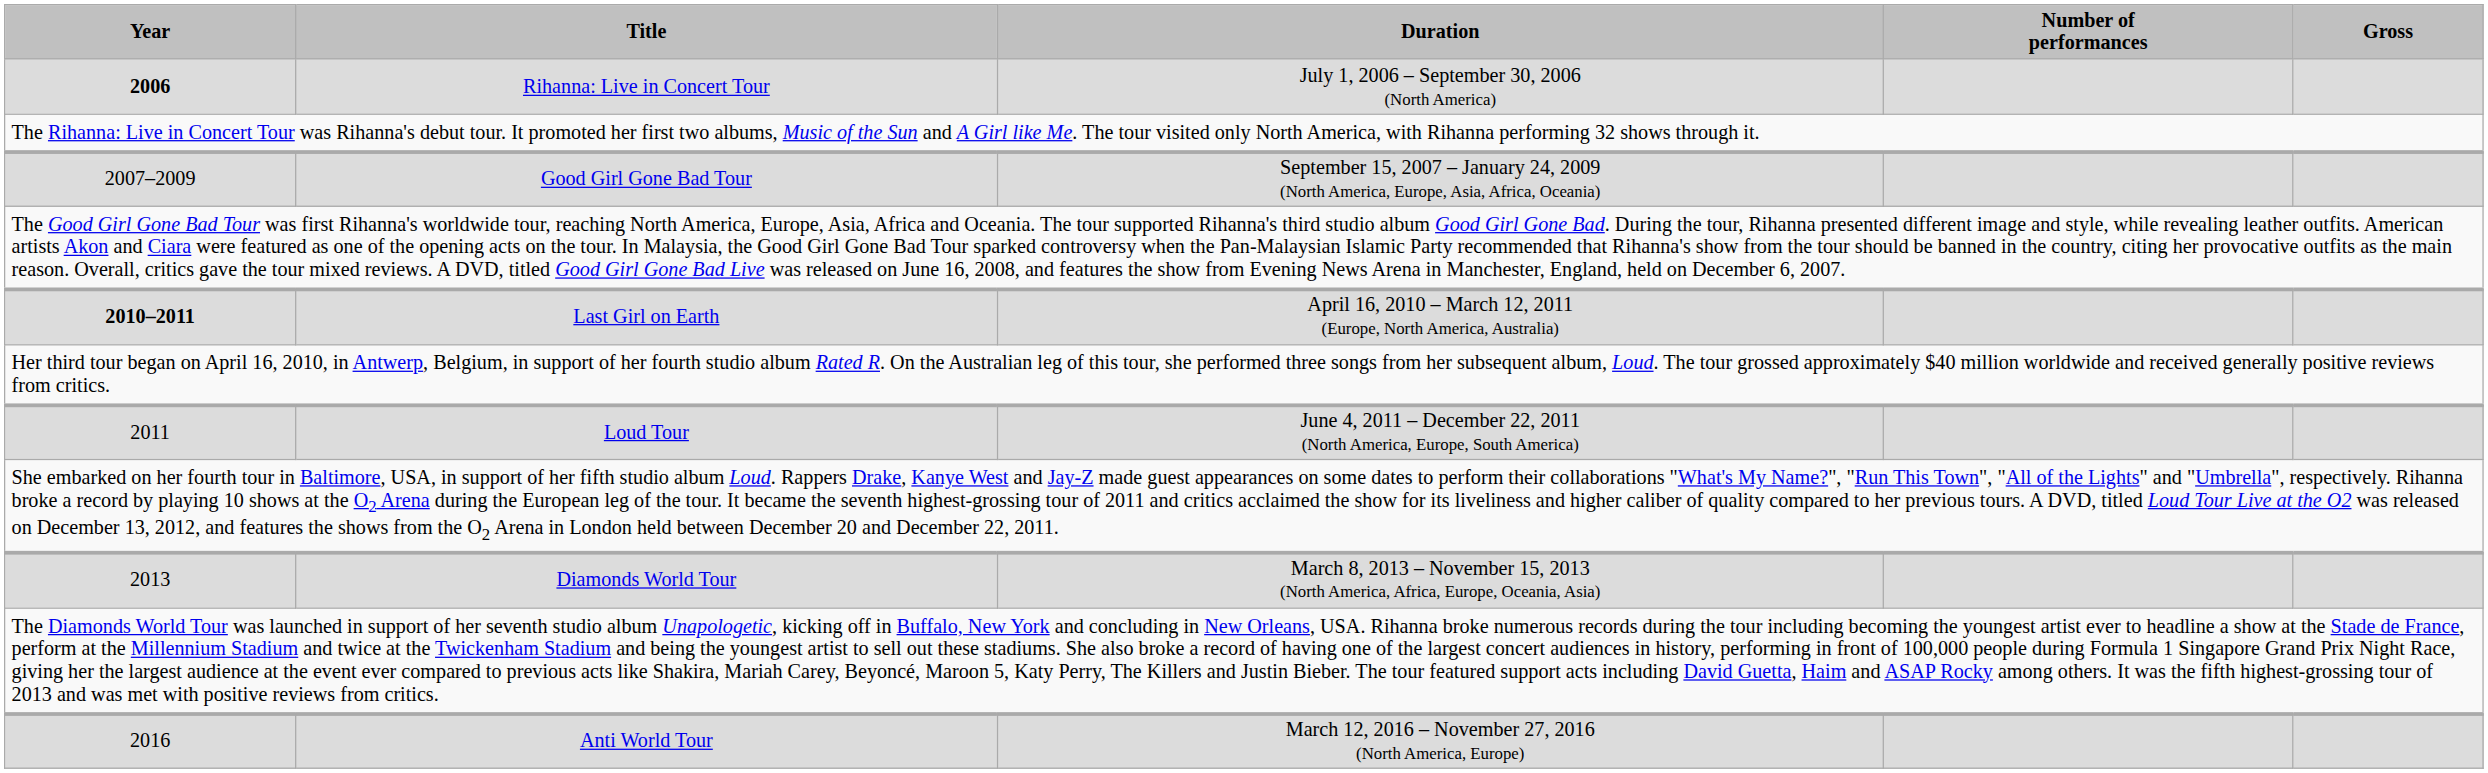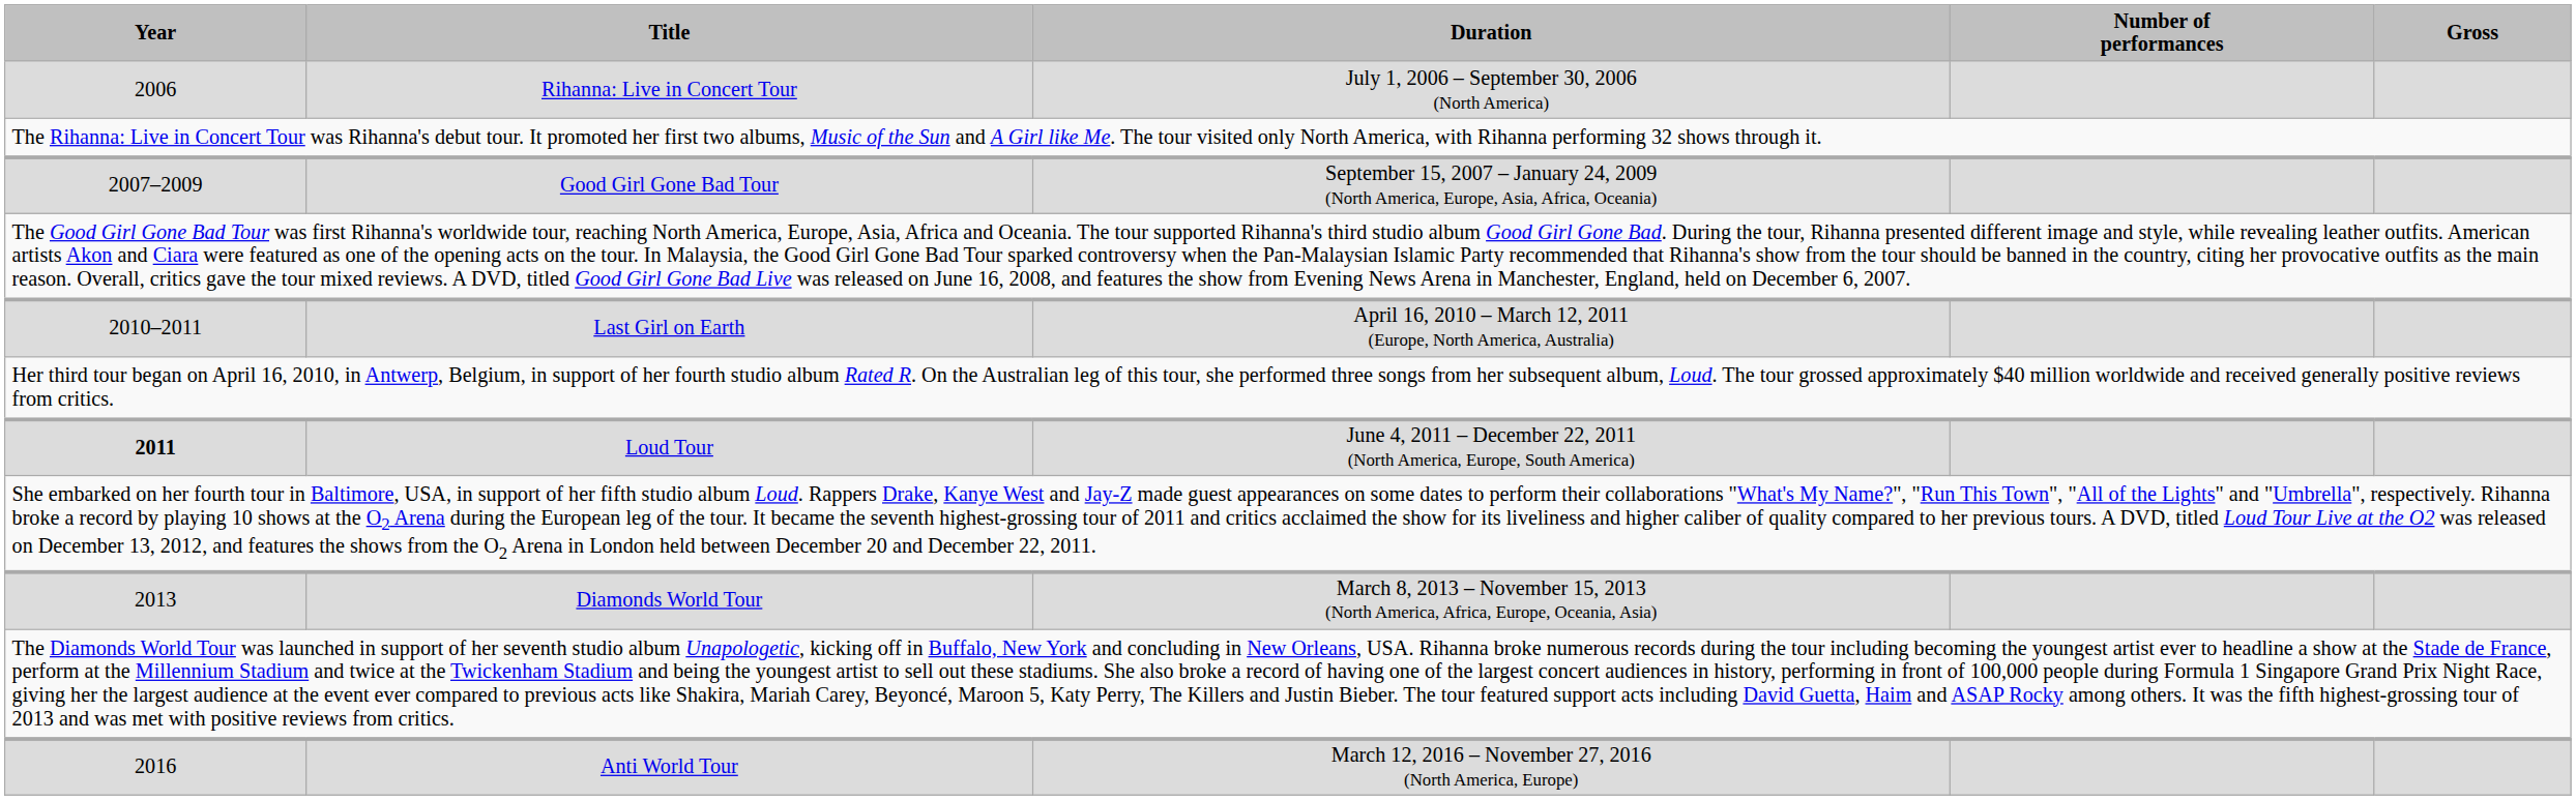 <table class="wikitable">
 <tr>
 <th style="background:silver;">Year</th>
 <th style="background:silver;">Title</th>
 <th style="background:silver;">Duration</th>
 <th style="background:silver;">Number of<br>performances</th>
 <th style="background:silver;">Gross</th>
 </tr>
 <tr style="background:#dcdcdc;">
-<td style="text-align:center;"><strong>2006</strong></td>
+<td style="text-align:center;">2006</td>
 <td style="background:#dcdcdc; text-align:center;"><a href='#'>Rihanna: Live in Concert Tour</a></td>
 <td style="background:#dcdcdc; text-align:center;">July 1, 2006 – September 30, 2006<br><small>(North America)</small></td>
 <td style="background:#dcdcdc;"></td>
 <td style="background:#dcdcdc;"></td>
 </tr>
 <tr>
 <td colspan="5" style="border-bottom-width:3px; padding:5px;">The <a href='#'>Rihanna: Live in Concert Tour</a> was Rihanna's debut tour. It promoted her first two albums, <em><a href='#'>Music of the Sun</a></em> and <em><a href='#'>A Girl like Me</a></em>. The tour visited only North America, with Rihanna performing 32 shows through it.</td>
 </tr>
 <tr>
 </tr>
 <tr style="background:#dcdcdc;">
 <td style="text-align:center;">2007–2009</td>
 <td style="background:#dcdcdc; text-align:center;"><a href='#'>Good Girl Gone Bad Tour</a></td>
 <td style="background:#dcdcdc; text-align:center;">September 15, 2007 – January 24, 2009<br><small>(North America, Europe, Asia, Africa, Oceania)</small></td>
 <td style="background:#dcdcdc;"></td>
 <td style="background:#dcdcdc;"></td>
 </tr>
 <tr>
 <td colspan="5" style="border-bottom-width:3px; padding:5px;">The <em><a href='#'>Good Girl Gone Bad Tour</a></em> was first Rihanna's worldwide tour, reaching North America, Europe, Asia, Africa and Oceania. The tour supported Rihanna's third studio album <em><a href='#'>Good Girl Gone Bad</a></em>. During the tour, Rihanna presented different image and style, while revealing leather outfits. American artists <a href='#'>Akon</a> and <a href='#'>Ciara</a> were featured as one of the opening acts on the tour. In Malaysia, the Good Girl Gone Bad Tour sparked controversy when the Pan-Malaysian Islamic Party recommended that Rihanna's show from the tour should be banned in the country, citing her provocative outfits as the main reason. Overall, critics gave the tour mixed reviews. A DVD, titled <em><a href='#'>Good Girl Gone Bad Live</a></em> was released on June 16, 2008, and features the show from Evening News Arena in Manchester, England, held on December 6, 2007.</td>
 </tr>
 <tr>
 </tr>
 <tr style="background:#dcdcdc;">
-<td style="text-align:center;"><strong>2010–2011</strong></td>
+<td style="text-align:center;">2010–2011</td>
 <td style="background:#dcdcdc; text-align:center;"><a href='#'>Last Girl on Earth</a></td>
 <td style="background:#dcdcdc; text-align:center;">April 16, 2010 – March 12, 2011<br><small>(Europe, North America, Australia)</small></td>
 <td style="background:#dcdcdc;"></td>
 <td style="background:#dcdcdc;"></td>
 </tr>
 <tr>
 <td colspan="5" style="border-bottom-width:3px; padding:5px;">Her third tour began on April 16, 2010, in <a href='#'>Antwerp</a>, Belgium, in support of her fourth studio album <em><a href='#'>Rated R</a></em>. On the Australian leg of this tour, she performed three songs from her subsequent album, <em><a href='#'>Loud</a></em>. The tour grossed approximately $40 million worldwide and received generally positive reviews from critics.</td>
 </tr>
 <tr>
 </tr>
 <tr style="background:#dcdcdc;">
-<td style="text-align:center;">2011</td>
+<td style="text-align:center;"><strong>2011</strong></td>
 <td style="background:#dcdcdc; text-align:center;"><a href='#'>Loud Tour</a></td>
 <td style="background:#dcdcdc; text-align:center;">June 4, 2011 – December 22, 2011<br><small>(North America, Europe, South America)</small></td>
 <td style="background:#dcdcdc;"></td>
 <td style="background:#dcdcdc;"></td>
 </tr>
 <tr>
 <td colspan="5" style="border-bottom-width:3px; padding:5px;">She embarked on her fourth tour in <a href='#'>Baltimore</a>, USA, in support of her fifth studio album <em><a href='#'>Loud</a></em>. Rappers <a href='#'>Drake</a>, <a href='#'>Kanye West</a> and <a href='#'>Jay-Z</a> made guest appearances on some dates to perform their collaborations "<a href='#'>What's My Name?</a>", "<a href='#'>Run This Town</a>", "<a href='#'>All of the Lights</a>" and "<a href='#'>Umbrella</a>", respectively. Rihanna broke a record by playing 10 shows at the <a href='#'>O<sub>2</sub> Arena</a> during the European leg of the tour. It became the seventh highest-grossing tour of 2011 and critics acclaimed the show for its liveliness and higher caliber of quality compared to her previous tours. A DVD, titled <em><a href='#'>Loud Tour Live at the O2</a></em> was released on December 13, 2012, and features the shows from the O<sub>2</sub> Arena in London held between December 20 and December 22, 2011.</td>
 </tr>
 <tr>
 </tr>
 <tr style="background:#dcdcdc;">
 <td style="text-align:center;">2013</td>
 <td style="background:#dcdcdc; text-align:center;"><a href='#'>Diamonds World Tour</a></td>
 <td style="background:#dcdcdc; text-align:center;">March 8, 2013 – November 15, 2013<br><small>(North America, Africa, Europe, Oceania, Asia)</small></td>
 <td style="background:#dcdcdc;"></td>
 <td style="background:#dcdcdc;"></td>
 </tr>
 <tr>
 <td colspan="5" style="border-bottom-width:3px; padding:5px;">The <a href='#'>Diamonds World Tour</a> was launched in support of her seventh studio album <em><a href='#'>Unapologetic</a></em>, kicking off in <a href='#'>Buffalo, New York</a> and concluding in <a href='#'>New Orleans</a>, USA. Rihanna broke numerous records during the tour including becoming the youngest artist ever to headline a show at the <a href='#'>Stade de France</a>, perform at the <a href='#'>Millennium Stadium</a> and twice at the <a href='#'>Twickenham Stadium</a> and being the youngest artist to sell out these stadiums. She also broke a record of having one of the largest concert audiences in history, performing in front of 100,000 people during Formula 1 Singapore Grand Prix Night Race, giving her the largest audience at the event ever compared to previous acts like Shakira, Mariah Carey, Beyoncé, Maroon 5, Katy Perry, The Killers and Justin Bieber. The tour featured support acts including <a href='#'>David Guetta</a>, <a href='#'>Haim</a> and <a href='#'>ASAP Rocky</a> among others. It was the fifth highest-grossing tour of 2013 and was met with positive reviews from critics.</td>
 </tr>
 <tr>
 </tr>
 <tr style="background:#dcdcdc;">
 <td style="text-align:center;">2016</td>
 <td style="background:#dcdcdc; text-align:center;"><a href='#'>Anti World Tour</a></td>
 <td style="background:#dcdcdc; text-align:center;">March 12, 2016 – November 27, 2016<br><small>(North America, Europe)</small></td>
 <td style="background:#dcdcdc;"></td>
 <td style="background:#dcdcdc;"></td>
 </tr>
 </table>
